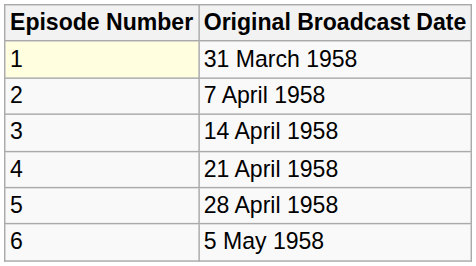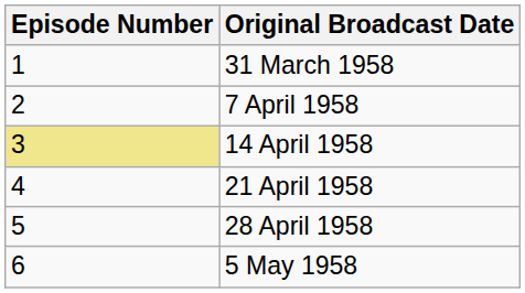 <table class="wikitable">
 <tr>
 <th>Episode Number</th>
 <th>Original Broadcast Date</th>
 </tr>
 <tr>
-<td style="background: lightyellow;">1</td>
+<td>1</td>
 <td>31 March 1958</td>
 </tr>
 <tr>
 <td>2</td>
 <td>7 April 1958</td>
 </tr>
 <tr>
-<td>3</td>
+<td style="background: khaki;">3</td>
 <td>14 April 1958</td>
 </tr>
 <tr>
 <td>4</td>
 <td>21 April 1958</td>
 </tr>
 <tr>
 <td>5</td>
 <td>28 April 1958</td>
 </tr>
 <tr>
 <td>6</td>
 <td>5 May 1958</td>
 </tr>
 </table>
